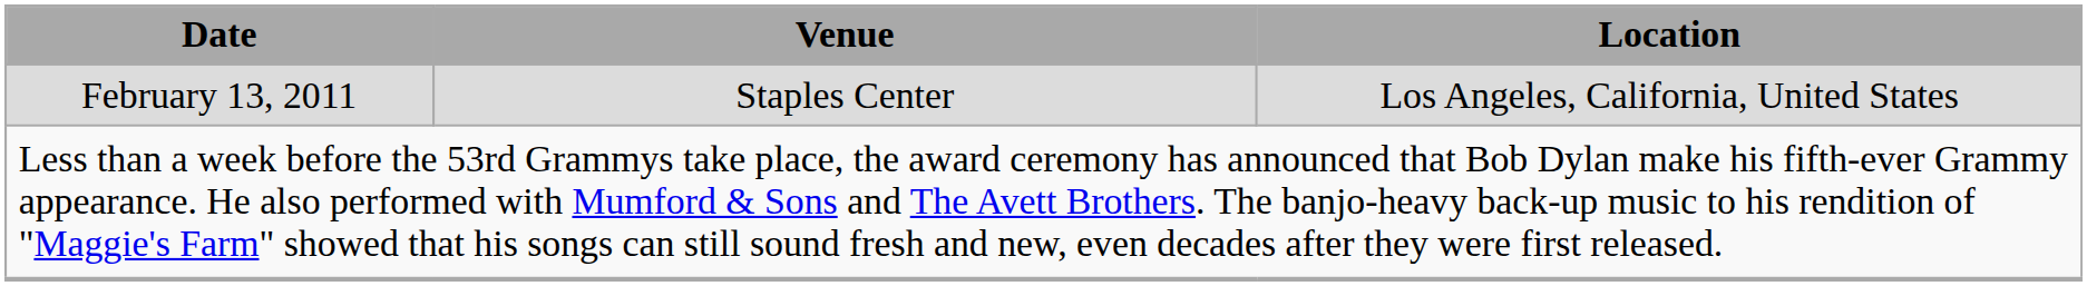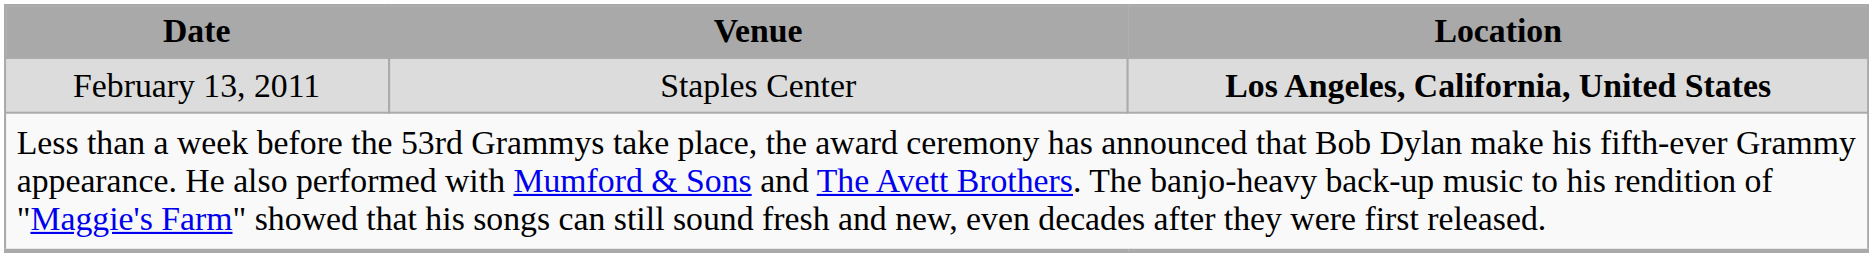 <table class="wikitable" style="width:100%; text-align:center;">
 <tr>
 <th style="width:100px; background:darkGrey;">Date</th>
 <th style="width:200px; background:darkGrey;">Venue</th>
 <th style="width:200px; background:darkGrey;">Location</th>
 </tr>
 <tr style="background:#DCDCDC;">
 <td>February 13, 2011</td>
 <td>Staples Center</td>
-<td>Los Angeles, California, United States</td>
+<td><strong>Los Angeles, California, United States</strong></td>
 </tr>
 <tr>
 <td colspan="5" style="border-bottom-width:3px; padding:5px; text-align:left;">Less than a week before the 53rd Grammys take place, the award ceremony has announced that Bob Dylan make his fifth-ever Grammy appearance. He also performed with <a href='#'>Mumford & Sons</a> and <a href='#'>The Avett Brothers</a>. The banjo-heavy back-up music to his rendition of "<a href='#'>Maggie's Farm</a>" showed that his songs can still sound fresh and new, even decades after they were first released.</td>
 </tr>
 <tr>
 </tr>
 </table>
